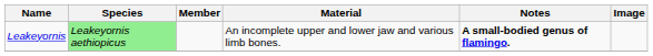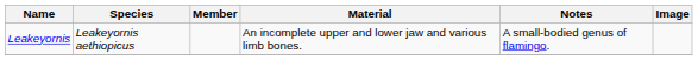 <table class="wikitable" align="center" width="75%">
 <tr>
 <th>Name</th>
 <th>Species</th>
 <th>Member</th>
 <th>Material</th>
 <th>Notes</th>
 <th>Image</th>
 </tr>
 <tr>
 <td><em><a href='#'>Leakeyornis</a></em></td>
-<td style="background: lightgreen;"><em>Leakeyornis aethiopicus</em></td>
+<td><em>Leakeyornis aethiopicus</em></td>
 <td></td>
 <td>An incomplete upper and lower jaw and various limb bones.</td>
-<td><strong>A small-bodied genus of <a href='#'>flamingo</a>.</strong></td>
+<td>A small-bodied genus of <a href='#'>flamingo</a>.</td>
 <td></td>
 </tr>
 <tr>
 </tr>
 </table>
